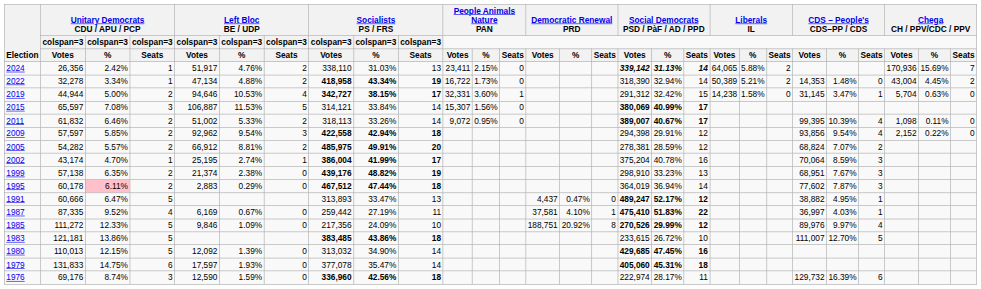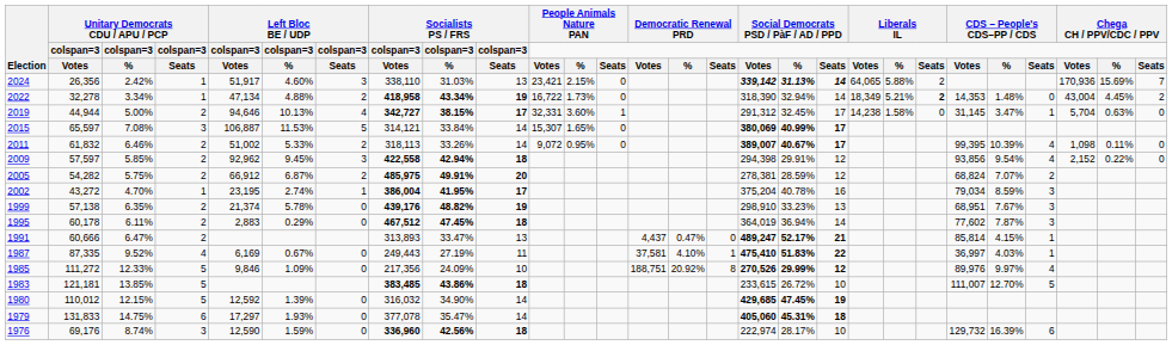 <table class="wikitable" border="1" style="font-size:85%; text-align:right;">
 <tr>
 <th style="text-align:left;" valign=bottom rowspan=3>Election</th>
 <th valign=bottom colspan=3><a href='#'>Unitary Democrats</a><br>CDU / APU / PCP</th>
 <th valign=bottom colspan=3><a href='#'>Left Bloc</a><br>BE / UDP</th>
 <th valign=bottom colspan=3><a href='#'>Socialists</a><br>PS / FRS</th>
 <th valign=bottom colspan=3><a href='#'>People Animals Nature</a><br>PAN</th>
 <th valign=bottom colspan=3><a href='#'>Democratic Renewal</a><br>PRD</th>
 <th valign=bottom colspan=3><a href='#'>Social Democrats</a><br>PSD / PàF / AD / PPD</th>
 <th valign=bottom colspan=3><a href='#'>Liberals</a><br>IL</th>
 <th valign=bottom colspan=3><a href='#'>CDS – People's</a><br>CDS–PP / CDS</th>
 <th valign=bottom colspan=3><a href='#'>Chega</a><br>CH / PPV/CDC / PPV</th>
 </tr>
 <tr>
 <th>colspan=3 </th>
 <th>colspan=3 </th>
 <th>colspan=3 </th>
 <th>colspan=3 </th>
 <th>colspan=3 </th>
 <th>colspan=3 </th>
 <th>colspan=3 </th>
 <th>colspan=3 </th>
 <th>colspan=3 </th>
 </tr>
 <tr>
 <th>Votes</th>
 <th>%</th>
 <th>Seats</th>
 <th>Votes</th>
 <th>%</th>
 <th>Seats</th>
 <th>Votes</th>
 <th>%</th>
 <th>Seats</th>
 <th>Votes</th>
 <th>%</th>
 <th>Seats</th>
 <th>Votes</th>
 <th>%</th>
 <th>Seats</th>
 <th>Votes</th>
 <th>%</th>
 <th>Seats</th>
 <th>Votes</th>
 <th>%</th>
 <th>Seats</th>
 <th>Votes</th>
 <th>%</th>
 <th>Seats</th>
 <th>Votes</th>
 <th>%</th>
 <th>Seats</th>
 </tr>
 <tr>
 <td align=left><a href='#'>2024</a></td>
 <td>26,356</td>
 <td>2.42%</td>
 <td>1</td>
 <td>51,917</td>
-<td>4.76%</td>
-<td>2</td>
+<td>4.60%</td>
+<td>3</td>
 <td>338,110</td>
 <td>31.03%</td>
 <td>13</td>
-<td>23,411</td>
+<td>23,421</td>
 <td>2.15%</td>
 <td>0</td>
 <td></td>
 <td></td>
 <td></td>
 <td><strong><em>339,142</em></strong></td>
 <td><strong><em>31.13%</em></strong></td>
 <td><strong><em>14</em></strong></td>
 <td>64,065</td>
 <td>5.88%</td>
 <td>2</td>
 <td></td>
 <td></td>
 <td></td>
 <td>170,936</td>
 <td>15.69%</td>
 <td>7</td>
 </tr>
 <tr>
 <td align=left><a href='#'>2022</a></td>
 <td>32,278</td>
 <td>3.34%</td>
 <td>1</td>
 <td>47,134</td>
 <td>4.88%</td>
 <td>2</td>
 <td><strong>418,958</strong></td>
 <td><strong>43.34%</strong></td>
 <td><strong>19</strong></td>
 <td>16,722</td>
 <td>1.73%</td>
 <td>0</td>
 <td></td>
 <td></td>
 <td></td>
 <td>318,390</td>
 <td>32.94%</td>
 <td>14</td>
-<td>50,389</td>
+<td>18,349</td>
 <td>5.21%</td>
-<td>2</td>
+<td><strong>2</strong></td>
 <td>14,353</td>
 <td>1.48%</td>
 <td>0</td>
 <td>43,004</td>
 <td>4.45%</td>
 <td>2</td>
 </tr>
 <tr>
 <td align=left><a href='#'>2019</a></td>
 <td>44,944</td>
 <td>5.00%</td>
 <td>2</td>
 <td>94,646</td>
-<td>10.53%</td>
+<td>10.13%</td>
 <td>4</td>
 <td><strong>342,727</strong></td>
 <td><strong>38.15%</strong></td>
 <td><strong>17</strong></td>
 <td>32,331</td>
 <td>3.60%</td>
 <td>1</td>
 <td></td>
 <td></td>
 <td></td>
 <td>291,312</td>
-<td>32.42%</td>
-<td>15</td>
+<td>32.45%</td>
+<td>17</td>
 <td>14,238</td>
 <td>1.58%</td>
 <td>0</td>
 <td>31,145</td>
 <td>3.47%</td>
 <td>1</td>
 <td>5,704</td>
 <td>0.63%</td>
 <td>0</td>
 </tr>
 <tr>
 <td align=left><a href='#'>2015</a></td>
 <td>65,597</td>
 <td>7.08%</td>
 <td>3</td>
 <td>106,887</td>
 <td>11.53%</td>
 <td>5</td>
 <td>314,121</td>
 <td>33.84%</td>
 <td>14</td>
 <td>15,307</td>
-<td>1.56%</td>
+<td>1.65%</td>
 <td>0</td>
 <td></td>
 <td></td>
 <td></td>
 <td><strong>380,069</strong></td>
 <td><strong>40.99%</strong></td>
 <td><strong>17</strong></td>
 <td></td>
 <td></td>
 <td></td>
 <td></td>
 <td></td>
 <td></td>
 <td></td>
 <td></td>
 <td></td>
 </tr>
 <tr>
 <td align=left><a href='#'>2011</a></td>
 <td>61,832</td>
 <td>6.46%</td>
 <td>2</td>
 <td>51,002</td>
 <td>5.33%</td>
 <td>2</td>
 <td>318,113</td>
 <td>33.26%</td>
 <td>14</td>
 <td>9,072</td>
 <td>0.95%</td>
 <td>0</td>
 <td></td>
 <td></td>
 <td></td>
 <td><strong>389,007</strong></td>
 <td><strong>40.67%</strong></td>
 <td><strong>17</strong></td>
 <td></td>
 <td></td>
 <td></td>
 <td>99,395</td>
 <td>10.39%</td>
 <td>4</td>
 <td>1,098</td>
 <td>0.11%</td>
 <td>0</td>
 </tr>
 <tr>
 <td align=left><a href='#'>2009</a></td>
 <td>57,597</td>
 <td>5.85%</td>
 <td>2</td>
 <td>92,962</td>
-<td>9.54%</td>
+<td>9.45%</td>
 <td>3</td>
 <td><strong>422,558</strong></td>
 <td><strong>42.94%</strong></td>
 <td><strong>18</strong></td>
 <td></td>
 <td></td>
 <td></td>
 <td></td>
 <td></td>
 <td></td>
 <td>294,398</td>
 <td>29.91%</td>
 <td>12</td>
 <td></td>
 <td></td>
 <td></td>
 <td>93,856</td>
 <td>9.54%</td>
 <td>4</td>
 <td>2,152</td>
 <td>0.22%</td>
 <td>0</td>
 </tr>
 <tr>
 <td align=left><a href='#'>2005</a></td>
 <td>54,282</td>
-<td>5.57%</td>
+<td>5.75%</td>
 <td>2</td>
 <td>66,912</td>
-<td>8.81%</td>
+<td>6.87%</td>
 <td>2</td>
 <td><strong>485,975</strong></td>
 <td><strong>49.91%</strong></td>
 <td><strong>20</strong></td>
 <td></td>
 <td></td>
 <td></td>
 <td></td>
 <td></td>
 <td></td>
 <td>278,381</td>
 <td>28.59%</td>
 <td>12</td>
 <td></td>
 <td></td>
 <td></td>
 <td>68,824</td>
 <td>7.07%</td>
 <td>2</td>
 <td></td>
 <td></td>
 <td></td>
 </tr>
 <tr>
 <td align=left><a href='#'>2002</a></td>
-<td>43,174</td>
+<td>43,272</td>
 <td>4.70%</td>
 <td>1</td>
-<td>25,195</td>
+<td>23,195</td>
 <td>2.74%</td>
 <td>1</td>
 <td><strong>386,004</strong></td>
-<td><strong>41.99%</strong></td>
+<td><strong>41.95%</strong></td>
 <td><strong>17</strong></td>
 <td></td>
 <td></td>
 <td></td>
 <td></td>
 <td></td>
 <td></td>
 <td>375,204</td>
 <td>40.78%</td>
 <td>16</td>
 <td></td>
 <td></td>
 <td></td>
-<td>70,064</td>
+<td>79,034</td>
 <td>8.59%</td>
 <td>3</td>
 <td></td>
 <td></td>
 <td></td>
 </tr>
 <tr>
 <td align=left><a href='#'>1999</a></td>
 <td>57,138</td>
 <td>6.35%</td>
 <td>2</td>
 <td>21,374</td>
-<td>2.38%</td>
+<td>5.78%</td>
 <td>0</td>
 <td><strong>439,176</strong></td>
 <td><strong>48.82%</strong></td>
 <td><strong>19</strong></td>
 <td></td>
 <td></td>
 <td></td>
 <td></td>
 <td></td>
 <td></td>
 <td>298,910</td>
 <td>33.23%</td>
 <td>13</td>
 <td></td>
 <td></td>
 <td></td>
 <td>68,951</td>
 <td>7.67%</td>
 <td>3</td>
 <td></td>
 <td></td>
 <td></td>
 </tr>
 <tr>
 <td align=left><a href='#'>1995</a></td>
 <td>60,178</td>
-<td style="background: pink;">6.11%</td>
+<td>6.11%</td>
 <td>2</td>
 <td>2,883</td>
 <td>0.29%</td>
 <td>0</td>
 <td><strong>467,512</strong></td>
-<td><strong>47.44%</strong></td>
+<td><strong>47.45%</strong></td>
 <td><strong>18</strong></td>
 <td></td>
 <td></td>
 <td></td>
 <td></td>
 <td></td>
 <td></td>
 <td>364,019</td>
 <td>36.94%</td>
 <td>14</td>
 <td></td>
 <td></td>
 <td></td>
 <td>77,602</td>
 <td>7.87%</td>
 <td>3</td>
 <td></td>
 <td></td>
 <td></td>
 </tr>
 <tr>
 <td align=left><a href='#'>1991</a></td>
 <td>60,666</td>
 <td>6.47%</td>
-<td>5</td>
+<td>2</td>
 <td></td>
 <td></td>
 <td></td>
 <td>313,893</td>
 <td>33.47%</td>
 <td>13</td>
 <td></td>
 <td></td>
 <td></td>
 <td>4,437</td>
 <td>0.47%</td>
 <td>0</td>
 <td><strong>489,247</strong></td>
 <td><strong>52.17%</strong></td>
-<td><strong>12</strong></td>
+<td><strong>21</strong></td>
 <td></td>
 <td></td>
 <td></td>
-<td>38,882</td>
-<td>4.95%</td>
+<td>85,814</td>
+<td>4.15%</td>
 <td>1</td>
 <td></td>
 <td></td>
 <td></td>
 </tr>
 <tr>
 <td align=left><a href='#'>1987</a></td>
 <td>87,335</td>
 <td>9.52%</td>
 <td>4</td>
 <td>6,169</td>
 <td>0.67%</td>
 <td>0</td>
-<td>259,442</td>
+<td>249,443</td>
 <td>27.19%</td>
 <td>11</td>
 <td></td>
 <td></td>
 <td></td>
 <td>37,581</td>
 <td>4.10%</td>
 <td>1</td>
 <td><strong>475,410</strong></td>
 <td><strong>51.83%</strong></td>
 <td><strong>22</strong></td>
 <td></td>
 <td></td>
 <td></td>
 <td>36,997</td>
 <td>4.03%</td>
 <td>1</td>
 <td></td>
 <td></td>
 <td></td>
 </tr>
 <tr>
 <td align=left><a href='#'>1985</a></td>
 <td>111,272</td>
 <td>12.33%</td>
 <td>5</td>
 <td>9,846</td>
 <td>1.09%</td>
 <td>0</td>
 <td>217,356</td>
 <td>24.09%</td>
 <td>10</td>
 <td></td>
 <td></td>
 <td></td>
 <td>188,751</td>
 <td>20.92%</td>
 <td>8</td>
 <td><strong>270,526</strong></td>
 <td><strong>29.99%</strong></td>
 <td><strong>12</strong></td>
 <td></td>
 <td></td>
 <td></td>
 <td>89,976</td>
 <td>9.97%</td>
 <td>4</td>
 <td></td>
 <td></td>
 <td></td>
 </tr>
 <tr>
 <td align=left><a href='#'>1983</a></td>
 <td>121,181</td>
-<td>13.86%</td>
+<td>13.85%</td>
 <td>5</td>
 <td></td>
 <td></td>
 <td></td>
 <td><strong>383,485</strong></td>
 <td><strong>43.86%</strong></td>
 <td><strong>18</strong></td>
 <td></td>
 <td></td>
 <td></td>
 <td></td>
 <td></td>
 <td></td>
 <td>233,615</td>
 <td>26.72%</td>
 <td>10</td>
 <td></td>
 <td></td>
 <td></td>
 <td>111,007</td>
 <td>12.70%</td>
 <td>5</td>
 <td></td>
 <td></td>
 <td></td>
 </tr>
 <tr>
 <td align=left><a href='#'>1980</a></td>
-<td>110,013</td>
+<td>110,012</td>
 <td>12.15%</td>
 <td>5</td>
-<td>12,092</td>
+<td>12,592</td>
 <td>1.39%</td>
 <td>0</td>
-<td>313,032</td>
+<td>316,032</td>
 <td>34.90%</td>
 <td>14</td>
 <td></td>
 <td></td>
 <td></td>
 <td></td>
 <td></td>
 <td></td>
 <td><strong>429,685</strong></td>
 <td><strong>47.45%</strong></td>
-<td><strong>16</strong></td>
+<td><strong>19</strong></td>
 <td></td>
 <td></td>
 <td></td>
 <td></td>
 <td></td>
 <td></td>
 <td></td>
 <td></td>
 <td></td>
 </tr>
 <tr>
 <td align=left><a href='#'>1979</a></td>
 <td>131,833</td>
 <td>14.75%</td>
 <td>6</td>
-<td>17,597</td>
+<td>17,297</td>
 <td>1.93%</td>
 <td>0</td>
 <td>377,078</td>
 <td>35.47%</td>
 <td>14</td>
 <td></td>
 <td></td>
 <td></td>
 <td></td>
 <td></td>
 <td></td>
 <td><strong>405,060</strong></td>
 <td><strong>45.31%</strong></td>
 <td><strong>18</strong></td>
 <td></td>
 <td></td>
 <td></td>
 <td></td>
 <td></td>
 <td></td>
 <td></td>
 <td></td>
 <td></td>
 </tr>
 <tr>
 <td align=left><a href='#'>1976</a></td>
 <td>69,176</td>
 <td>8.74%</td>
 <td>3</td>
 <td>12,590</td>
 <td>1.59%</td>
 <td>0</td>
 <td><strong>336,960</strong></td>
 <td><strong>42.56%</strong></td>
 <td><strong>18</strong></td>
 <td></td>
 <td></td>
 <td></td>
 <td></td>
 <td></td>
 <td></td>
 <td>222,974</td>
 <td>28.17%</td>
-<td>11</td>
+<td>10</td>
 <td></td>
 <td></td>
 <td></td>
 <td>129,732</td>
 <td>16.39%</td>
 <td>6</td>
 <td></td>
 <td></td>
 <td></td>
 </tr>
 </table>
